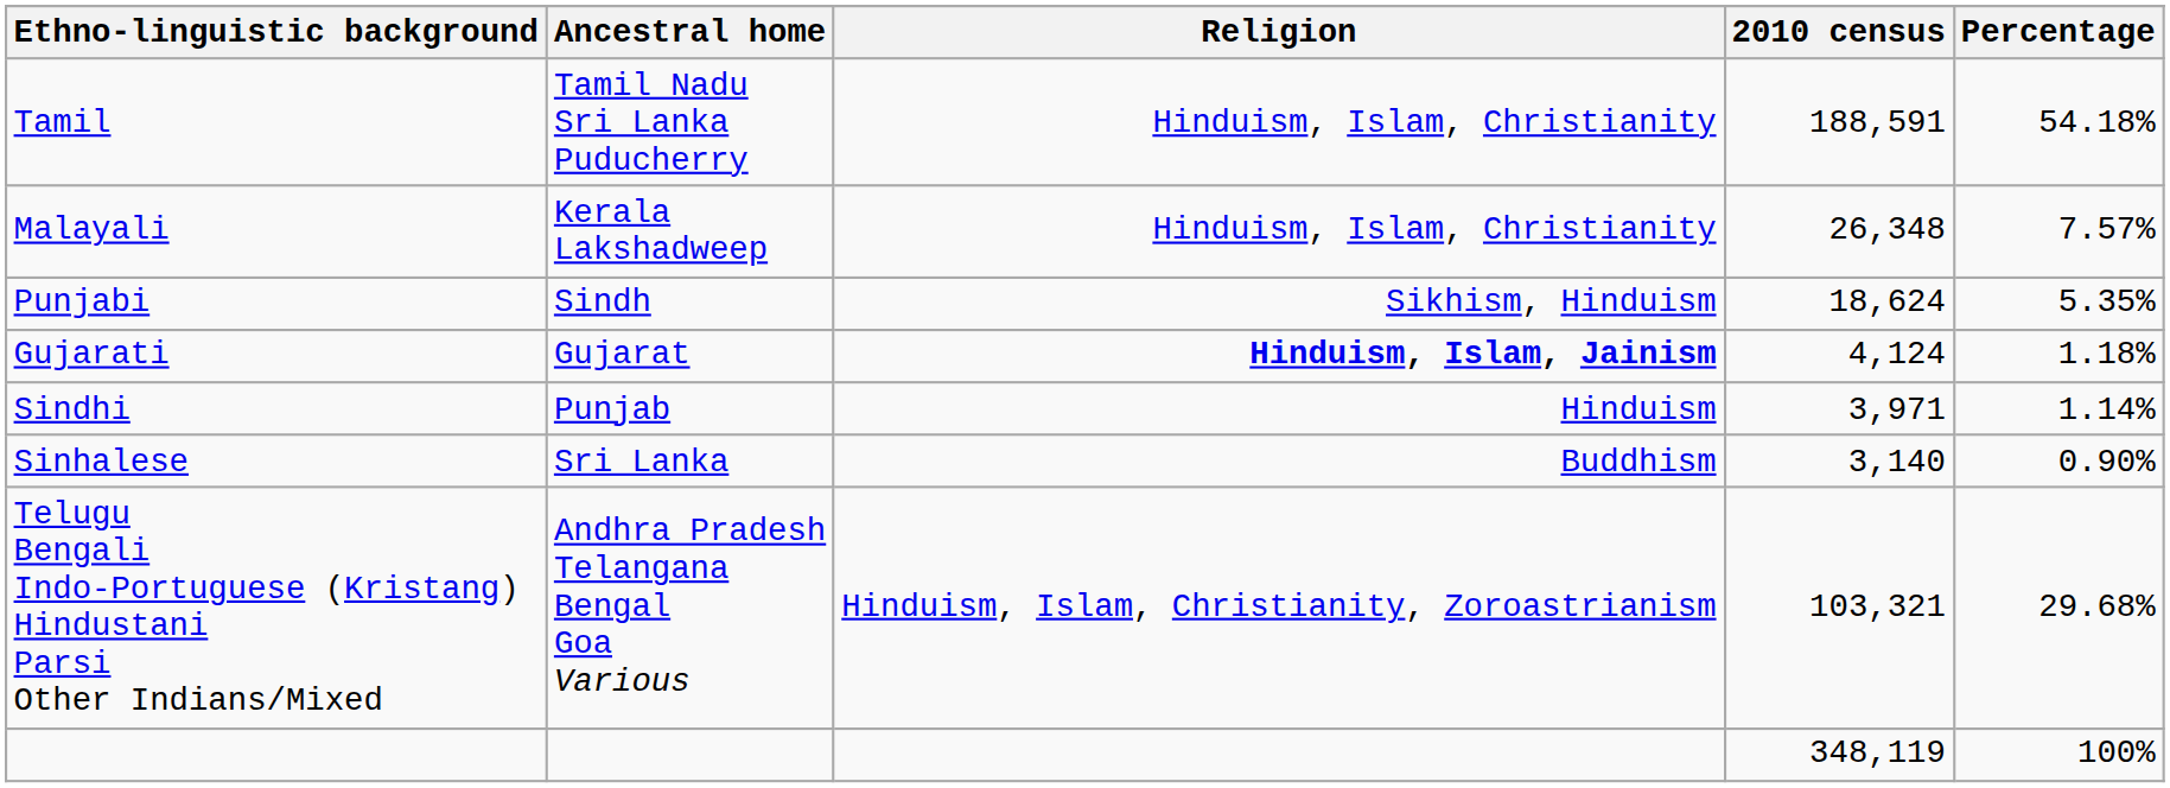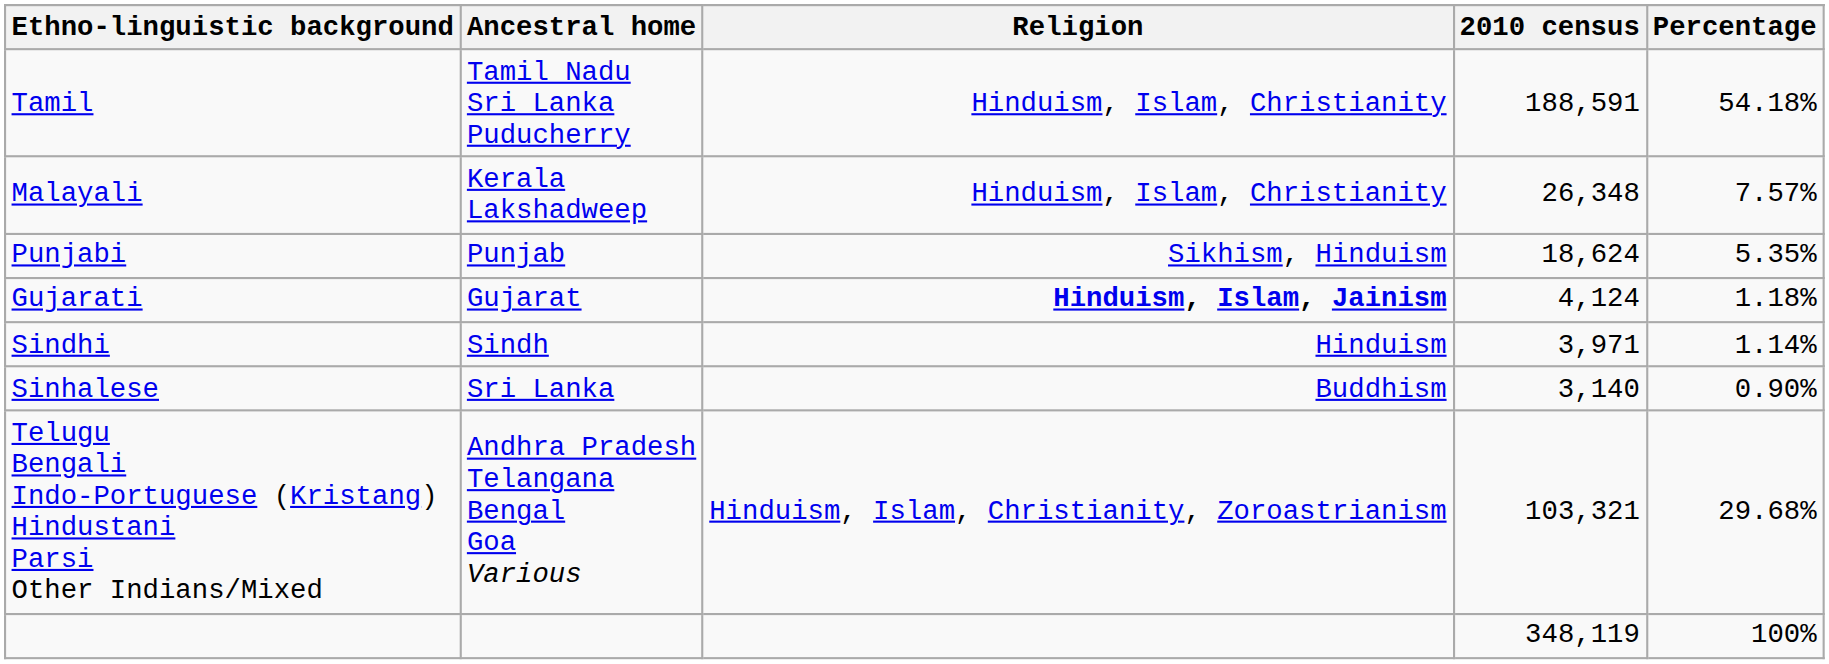 <table class="wikitable">
 <tr>
 </tr>
 <tr>
 <th>Ethno-linguistic background</th>
 <th>Ancestral home</th>
 <th>Religion</th>
 <th>2010 census</th>
 <th>Percentage</th>
 </tr>
 <tr>
 <td><a href='#'>Tamil</a></td>
 <td><a href='#'>Tamil Nadu</a> <br> <a href='#'>Sri Lanka</a> <br><a href='#'>Puducherry</a></td>
 <td align=right><a href='#'>Hinduism</a>, <a href='#'>Islam</a>, <a href='#'>Christianity</a></td>
 <td align=right>188,591</td>
 <td align=right>54.18%</td>
 </tr>
 <tr>
 <td><a href='#'>Malayali</a></td>
 <td><a href='#'>Kerala</a> <br> <a href='#'>Lakshadweep</a></td>
 <td align=right><a href='#'>Hinduism</a>, <a href='#'>Islam</a>, <a href='#'>Christianity</a></td>
 <td align=right>26,348</td>
 <td align=right>7.57%</td>
 </tr>
 <tr>
 <td><a href='#'>Punjabi</a></td>
-<td><a href='#'>Sindh</a></td>
+<td><a href='#'>Punjab</a></td>
 <td align=right><a href='#'>Sikhism</a>, <a href='#'>Hinduism</a></td>
 <td align=right>18,624</td>
 <td align=right>5.35%</td>
 </tr>
 <tr>
 <td><a href='#'>Gujarati</a></td>
 <td><a href='#'>Gujarat</a></td>
 <td align=right><strong><a href='#'>Hinduism</a>, <a href='#'>Islam</a>, <a href='#'>Jainism</a></strong></td>
 <td align=right>4,124</td>
 <td align=right>1.18%</td>
 </tr>
 <tr>
 <td><a href='#'>Sindhi</a></td>
-<td><a href='#'>Punjab</a></td>
+<td><a href='#'>Sindh</a></td>
 <td align=right><a href='#'>Hinduism</a></td>
 <td align=right>3,971</td>
 <td align=right>1.14%</td>
 </tr>
 <tr>
 <td><a href='#'>Sinhalese</a></td>
 <td><a href='#'>Sri Lanka</a></td>
 <td align=right><a href='#'>Buddhism</a></td>
 <td align=right>3,140</td>
 <td align=right>0.90%</td>
 </tr>
 <tr>
 <td><a href='#'>Telugu</a> <br> <a href='#'>Bengali</a> <br> <a href='#'>Indo-Portuguese</a> (<a href='#'>Kristang</a>) <br> <a href='#'>Hindustani</a> <br> <a href='#'>Parsi</a> <br> Other Indians/Mixed</td>
 <td><a href='#'>Andhra Pradesh</a> <br> <a href='#'>Telangana</a> <br> <a href='#'>Bengal</a> <br> <a href='#'>Goa</a> <br> <em>Various</em></td>
 <td align=right><a href='#'>Hinduism</a>, <a href='#'>Islam</a>, <a href='#'>Christianity</a>, <a href='#'>Zoroastrianism</a></td>
 <td align=right>103,321</td>
 <td align=right>29.68%</td>
 </tr>
 <tr>
 <td></td>
 <td></td>
 <td></td>
 <td align=right>348,119</td>
 <td align=right>100%</td>
 </tr>
 </table>
